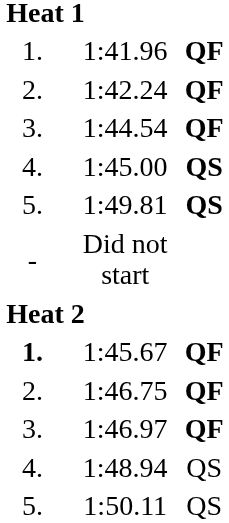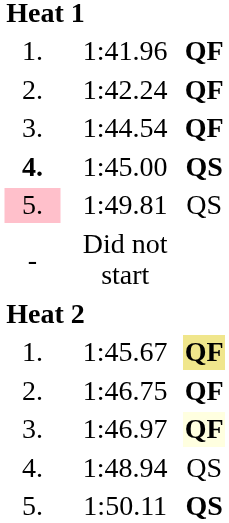 <table style="text-align:center">
 <tr>
 <td colspan=4 align=left><strong>Heat 1</strong></td>
 </tr>
 <tr>
 <td width=30>1.</td>
 <td align=left></td>
 <td width=60>1:41.96</td>
 <td><strong>QF</strong></td>
 </tr>
 <tr>
 <td>2.</td>
 <td align=left></td>
 <td>1:42.24</td>
 <td><strong>QF</strong></td>
 </tr>
 <tr>
 <td>3.</td>
 <td align=left></td>
 <td>1:44.54</td>
 <td><strong>QF</strong></td>
 </tr>
 <tr>
-<td>4.</td>
+<td><strong>4.</strong></td>
 <td align=left></td>
 <td>1:45.00</td>
 <td><strong>QS</strong></td>
 </tr>
 <tr>
-<td>5.</td>
+<td style="background: pink;">5.</td>
 <td align=left></td>
 <td>1:49.81</td>
-<td><strong>QS</strong></td>
+<td>QS</td>
 </tr>
 <tr>
 <td>-</td>
 <td align=left></td>
 <td>Did not start</td>
 <td></td>
 </tr>
 <tr>
 <td colspan=4 align=left><strong>Heat 2</strong></td>
 </tr>
 <tr>
-<td><strong>1.</strong></td>
+<td>1.</td>
 <td align=left></td>
 <td>1:45.67</td>
-<td><strong>QF</strong></td>
+<td style="background: khaki;"><strong>QF</strong></td>
 </tr>
 <tr>
 <td>2.</td>
 <td align=left></td>
 <td>1:46.75</td>
 <td><strong>QF</strong></td>
 </tr>
 <tr>
 <td>3.</td>
 <td align=left></td>
 <td>1:46.97</td>
-<td><strong>QF</strong></td>
+<td style="background: lightyellow;"><strong>QF</strong></td>
 </tr>
 <tr>
 <td>4.</td>
 <td align=left></td>
 <td>1:48.94</td>
 <td>QS</td>
 </tr>
 <tr>
 <td>5.</td>
 <td align=left></td>
 <td>1:50.11</td>
-<td>QS</td>
+<td><strong>QS</strong></td>
 </tr>
 </table>
